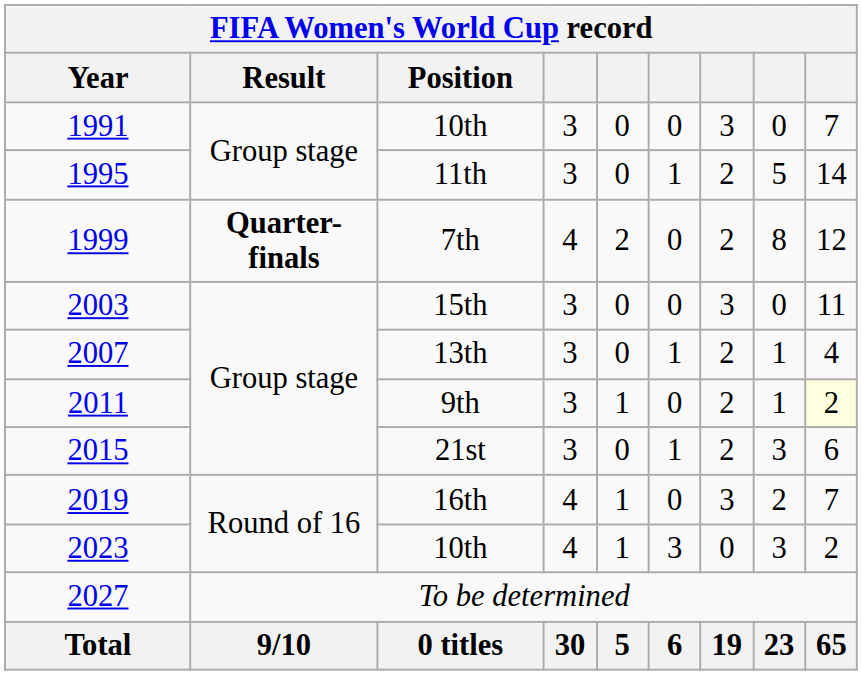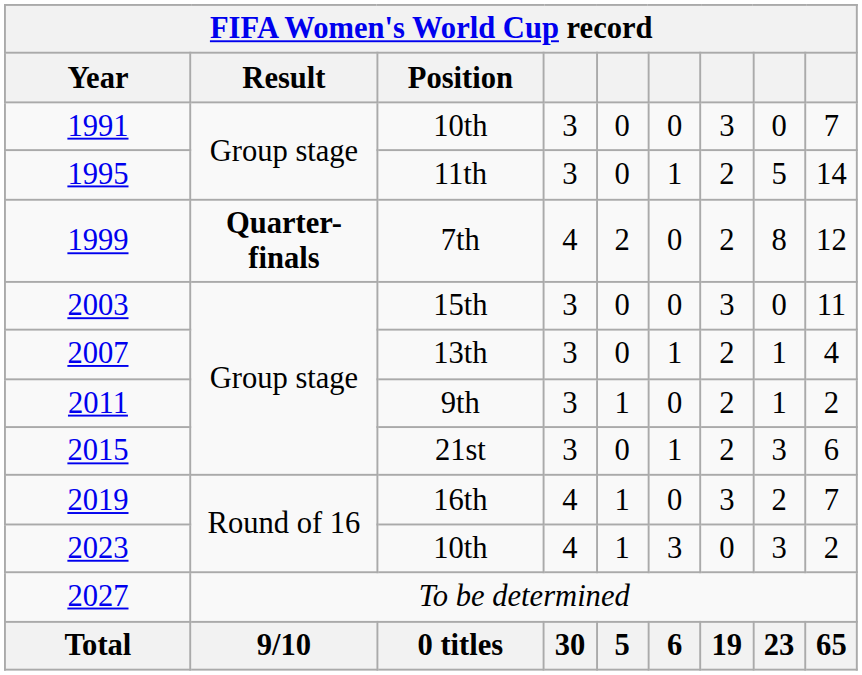 <table class="wikitable" style="text-align: center;">
 <tr>
 <th colspan=9><a href='#'>FIFA Women's World Cup</a> record</th>
 </tr>
 <tr>
 <th width="90">Year</th>
 <th width="90">Result</th>
 <th width="80">Position</th>
 <th width="20"></th>
 <th width="20"></th>
 <th width="20"></th>
 <th width="20"></th>
 <th width="20"></th>
 <th width="20"></th>
 </tr>
 <tr>
 <td> <a href='#'>1991</a></td>
 <td rowspan=2>Group stage</td>
 <td>10th</td>
 <td>3</td>
 <td>0</td>
 <td>0</td>
 <td>3</td>
 <td>0</td>
 <td>7</td>
 </tr>
 <tr>
 <td> <a href='#'>1995</a></td>
 <td>11th</td>
 <td>3</td>
 <td>0</td>
 <td>1</td>
 <td>2</td>
 <td>5</td>
 <td>14</td>
 </tr>
 <tr>
 <td> <a href='#'>1999</a></td>
 <td><strong>Quarter-finals</strong></td>
 <td>7th</td>
 <td>4</td>
 <td>2</td>
 <td>0</td>
 <td>2</td>
 <td>8</td>
 <td>12</td>
 </tr>
 <tr>
 <td> <a href='#'>2003</a></td>
 <td rowspan=4>Group stage</td>
 <td>15th</td>
 <td>3</td>
 <td>0</td>
 <td>0</td>
 <td>3</td>
 <td>0</td>
 <td>11</td>
 </tr>
 <tr>
 <td> <a href='#'>2007</a></td>
 <td>13th</td>
 <td>3</td>
 <td>0</td>
 <td>1</td>
 <td>2</td>
 <td>1</td>
 <td>4</td>
 </tr>
 <tr>
 <td> <a href='#'>2011</a></td>
 <td>9th</td>
 <td>3</td>
 <td>1</td>
 <td>0</td>
 <td>2</td>
 <td>1</td>
-<td style="background: lightyellow;">2</td>
+<td>2</td>
 </tr>
 <tr>
 <td> <a href='#'>2015</a></td>
 <td>21st</td>
 <td>3</td>
 <td>0</td>
 <td>1</td>
 <td>2</td>
 <td>3</td>
 <td>6</td>
 </tr>
 <tr>
 <td> <a href='#'>2019</a></td>
 <td rowspan=2>Round of 16</td>
 <td>16th</td>
 <td>4</td>
 <td>1</td>
 <td>0</td>
 <td>3</td>
 <td>2</td>
 <td>7</td>
 </tr>
 <tr>
 <td>  <a href='#'>2023</a></td>
 <td>10th</td>
 <td>4</td>
 <td>1</td>
 <td>3</td>
 <td>0</td>
 <td>3</td>
 <td>2</td>
 </tr>
 <tr>
 <td> <a href='#'>2027</a></td>
 <td colspan=8><em>To be determined</em></td>
 </tr>
 <tr>
 <th><strong>Total</strong></th>
 <th>9/10</th>
 <th>0 titles</th>
 <th>30</th>
 <th>5</th>
 <th>6</th>
 <th>19</th>
 <th>23</th>
 <th>65</th>
 </tr>
 </table>
